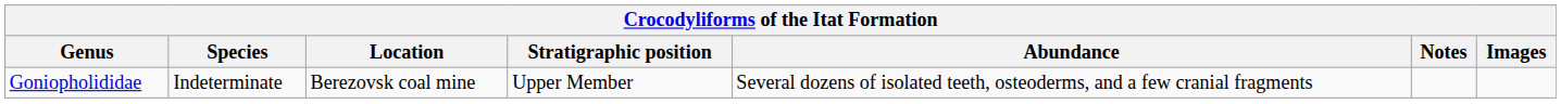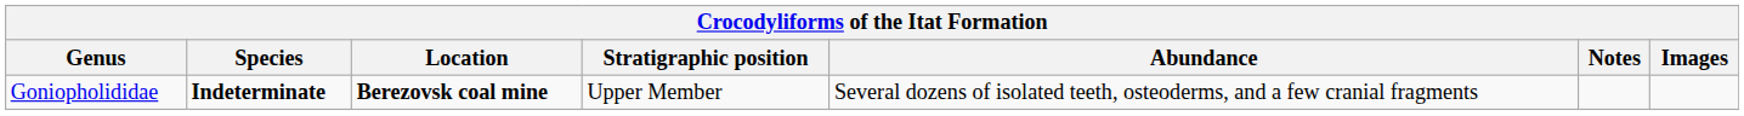 <table class="wikitable" align="center" width="100%">
 <tr>
 <th colspan="7" align="center"><a href='#'>Crocodyliforms</a> of the Itat Formation</th>
 </tr>
 <tr>
 <th>Genus</th>
 <th>Species</th>
 <th>Location</th>
 <th>Stratigraphic position</th>
 <th>Abundance</th>
 <th>Notes</th>
 <th>Images</th>
 </tr>
 <tr>
 <td><a href='#'>Goniopholididae</a></td>
-<td>Indeterminate</td>
-<td>Berezovsk coal mine</td>
+<td><strong>Indeterminate</strong></td>
+<td><strong>Berezovsk coal mine</strong></td>
 <td>Upper Member</td>
 <td>Several dozens of isolated teeth, osteoderms, and a few cranial fragments</td>
 <td></td>
 <td></td>
 </tr>
 </table>
